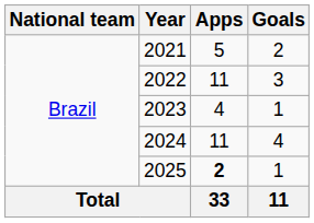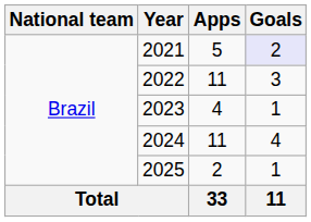 <table class="wikitable" style="text-align: center;">
 <tr>
 <th>National team</th>
 <th>Year</th>
 <th>Apps</th>
 <th>Goals</th>
 </tr>
 <tr>
 <td rowspan="5"><a href='#'>Brazil</a></td>
 <td>2021</td>
 <td>5</td>
-<td>2</td>
+<td style="background: lavender;">2</td>
 </tr>
 <tr>
 <td>2022</td>
 <td>11</td>
 <td>3</td>
 </tr>
 <tr>
 <td>2023</td>
 <td>4</td>
 <td>1</td>
 </tr>
 <tr>
 <td>2024</td>
 <td>11</td>
 <td>4</td>
 </tr>
 <tr>
 <td>2025</td>
-<td><strong>2</strong></td>
+<td>2</td>
 <td>1</td>
 </tr>
 <tr>
 <th colspan="2">Total</th>
 <th>33</th>
 <th>11</th>
 </tr>
 </table>
